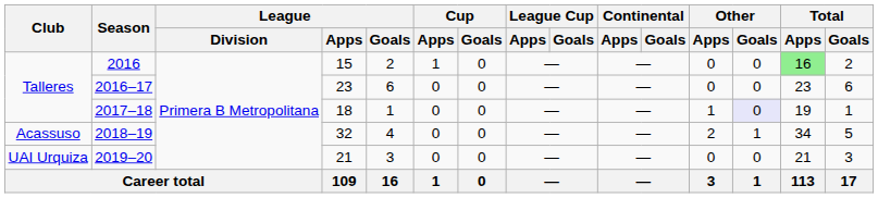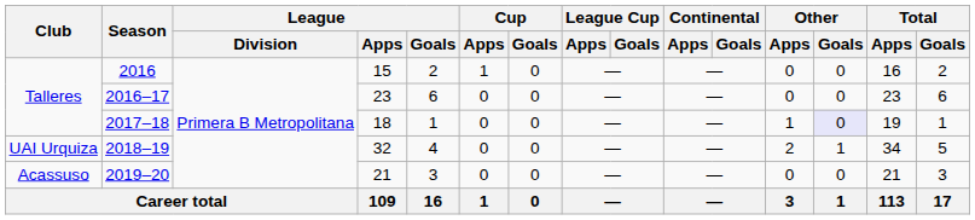 <table class="wikitable" style="text-align:center">
 <tr>
 <th rowspan="2">Club</th>
 <th rowspan="2">Season</th>
 <th colspan="3">League</th>
 <th colspan="2">Cup</th>
 <th colspan="2">League Cup</th>
 <th colspan="2">Continental</th>
 <th colspan="2">Other</th>
 <th colspan="2">Total</th>
 </tr>
 <tr>
 <th>Division</th>
 <th>Apps</th>
 <th>Goals</th>
 <th>Apps</th>
 <th>Goals</th>
 <th>Apps</th>
 <th>Goals</th>
 <th>Apps</th>
 <th>Goals</th>
 <th>Apps</th>
 <th>Goals</th>
 <th>Apps</th>
 <th>Goals</th>
 </tr>
 <tr>
 <td rowspan="3"><a href='#'>Talleres</a></td>
 <td><a href='#'>2016</a></td>
 <td rowspan="5"><a href='#'>Primera B Metropolitana</a></td>
 <td>15</td>
 <td>2</td>
 <td>1</td>
 <td>0</td>
 <td colspan="2">—</td>
 <td colspan="2">—</td>
 <td>0</td>
 <td>0</td>
-<td style="background: lightgreen;">16</td>
+<td>16</td>
 <td>2</td>
 </tr>
 <tr>
 <td><a href='#'>2016–17</a></td>
 <td>23</td>
 <td>6</td>
 <td>0</td>
 <td>0</td>
 <td colspan="2">—</td>
 <td colspan="2">—</td>
 <td>0</td>
 <td>0</td>
 <td>23</td>
 <td>6</td>
 </tr>
 <tr>
 <td><a href='#'>2017–18</a></td>
 <td>18</td>
 <td>1</td>
 <td>0</td>
 <td>0</td>
 <td colspan="2">—</td>
 <td colspan="2">—</td>
 <td>1</td>
 <td style="background: lavender;">0</td>
 <td>19</td>
 <td>1</td>
 </tr>
 <tr>
-<td rowspan="1"><a href='#'>Acassuso</a></td>
+<td rowspan="1"><a href='#'>UAI Urquiza</a></td>
 <td><a href='#'>2018–19</a></td>
 <td>32</td>
 <td>4</td>
 <td>0</td>
 <td>0</td>
 <td colspan="2">—</td>
 <td colspan="2">—</td>
 <td>2</td>
 <td>1</td>
 <td>34</td>
 <td>5</td>
 </tr>
 <tr>
-<td rowspan="1"><a href='#'>UAI Urquiza</a></td>
+<td rowspan="1"><a href='#'>Acassuso</a></td>
 <td><a href='#'>2019–20</a></td>
 <td>21</td>
 <td>3</td>
 <td>0</td>
 <td>0</td>
 <td colspan="2">—</td>
 <td colspan="2">—</td>
 <td>0</td>
 <td>0</td>
 <td>21</td>
 <td>3</td>
 </tr>
 <tr>
 <th colspan="3">Career total</th>
 <th>109</th>
 <th>16</th>
 <th>1</th>
 <th>0</th>
 <th colspan="2">—</th>
 <th colspan="2">—</th>
 <th>3</th>
 <th>1</th>
 <th>113</th>
 <th>17</th>
 </tr>
 </table>
